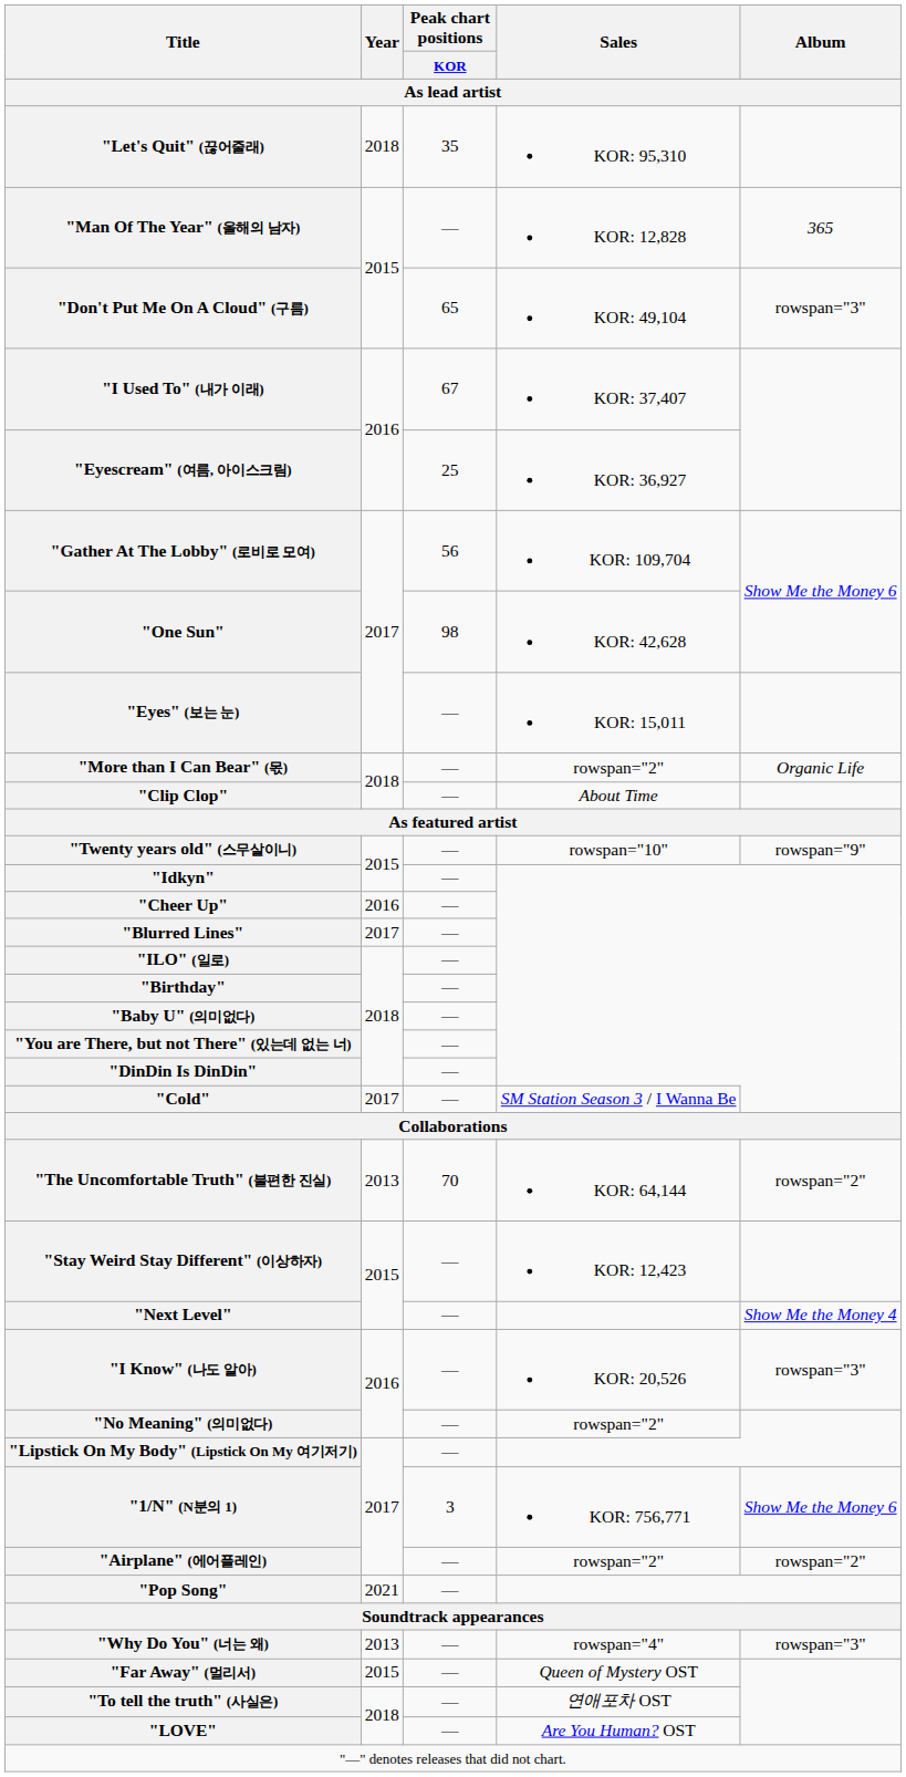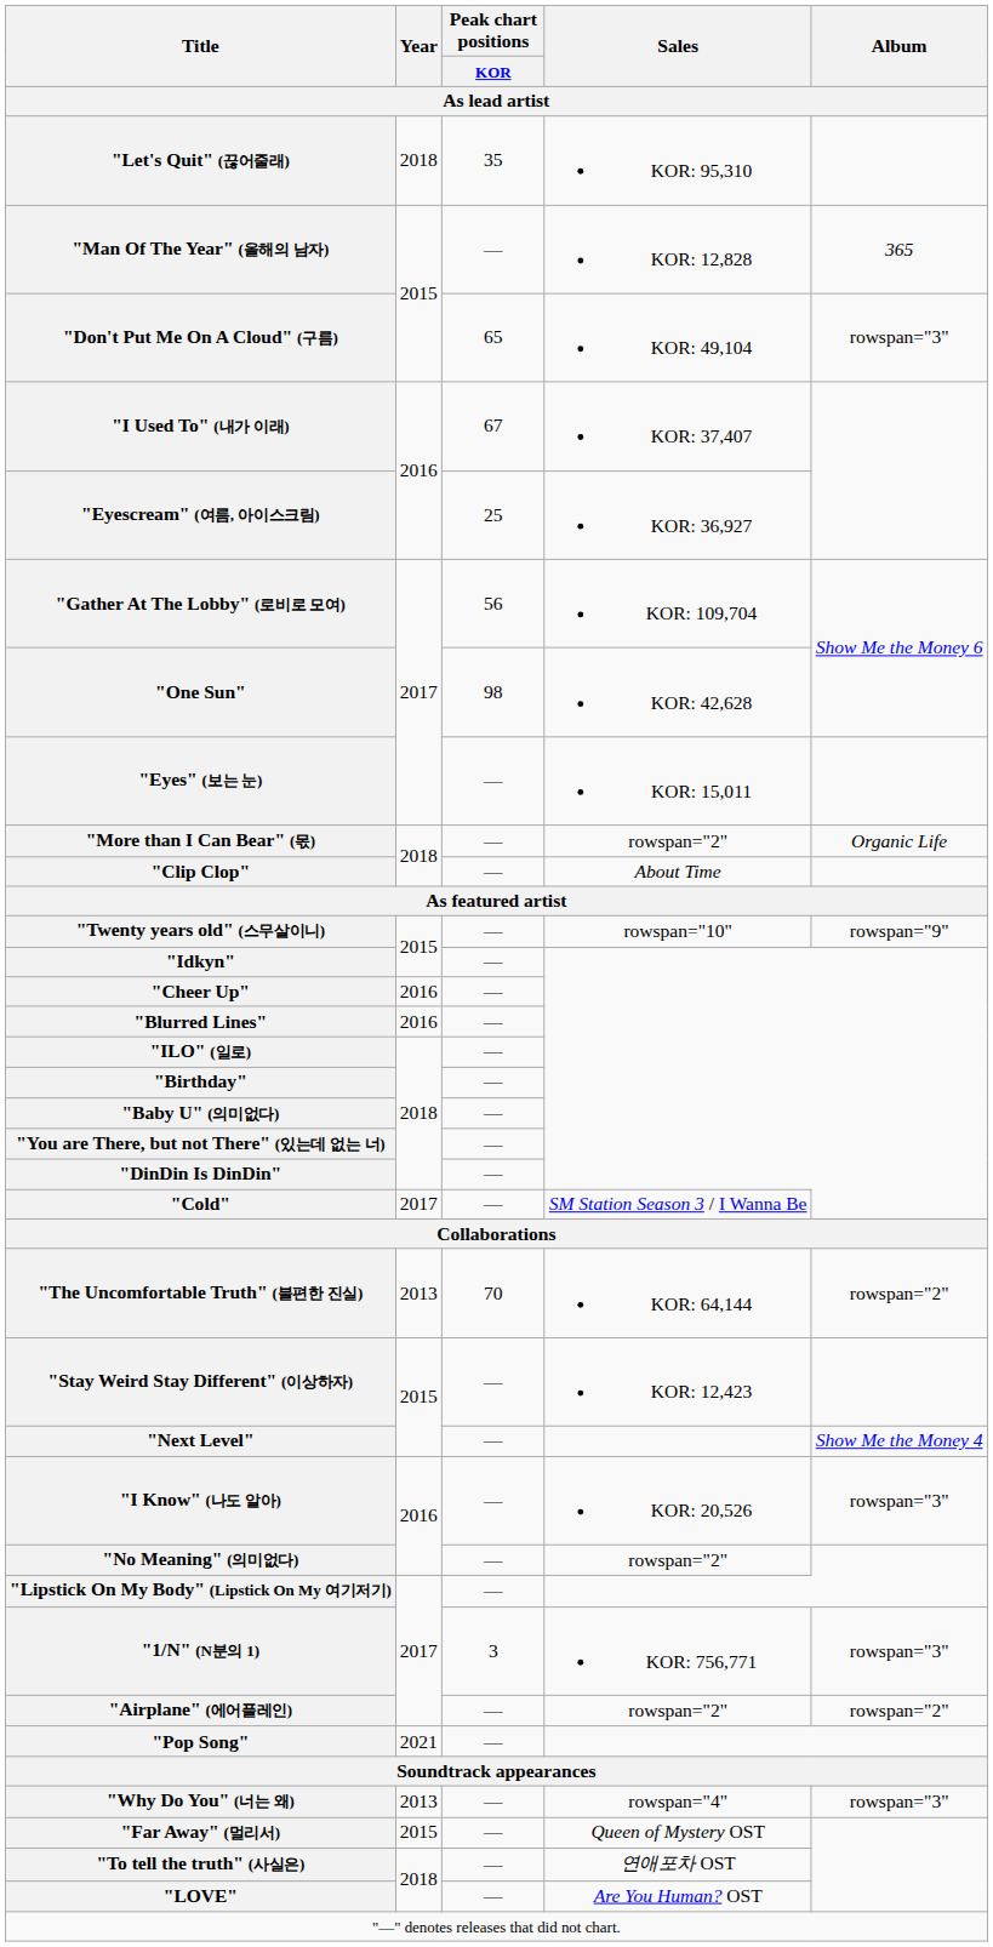 <table class="wikitable plainrowheaders" style="text-align:center;">
 <tr>
 <th scope="col" rowspan="2">Title</th>
 <th scope="col" rowspan="2">Year</th>
 <th scope="col" colspan="1" style="width:5em;">Peak chart positions</th>
 <th scope="col" rowspan="2">Sales</th>
 <th scope="col" rowspan="2">Album</th>
 </tr>
 <tr>
 <th><small><a href='#'>KOR</a></small><br></th>
 </tr>
 <tr>
 <th scope="col" colspan="5">As lead artist</th>
 </tr>
 <tr>
 <th scope="row">"Let's Quit" <small>(끊어줄래)</small><br></th>
 <td>2018</td>
 <td>35</td>
 <td><br><ul><li>KOR: 95,310</li></ul></td>
 <td></td>
 </tr>
 <tr>
 <th scope="row">"Man Of The Year" <small>(올해의 남자)</small><br></th>
 <td rowspan="2">2015</td>
 <td>—</td>
 <td><br><ul><li>KOR: 12,828</li></ul></td>
 <td><em>365</em></td>
 </tr>
 <tr>
 <th scope="row">"Don't Put Me On A Cloud" <small>(구름)</small><br></th>
 <td>65</td>
 <td><br><ul><li>KOR: 49,104</li></ul></td>
 <td>rowspan="3" </td>
 </tr>
 <tr>
 <th scope="row">"I Used To" <small>(내가 이래)</small></th>
 <td rowspan="2">2016</td>
 <td>67</td>
 <td><br><ul><li>KOR: 37,407</li></ul></td>
 </tr>
 <tr>
 <th scope="row">"Eyescream" <small>(여름, 아이스크림)</small><br></th>
 <td>25</td>
 <td><br><ul><li>KOR: 36,927</li></ul></td>
 </tr>
 <tr>
 <th scope="row">"Gather At The Lobby" <small>(로비로 모여)</small><br></th>
 <td rowspan="3">2017</td>
 <td>56</td>
 <td><br><ul><li>KOR: 109,704</li></ul></td>
 <td rowspan="2"><em><a href='#'>Show Me the Money 6</a></em></td>
 </tr>
 <tr>
 <th scope="row">"One Sun"<br></th>
 <td>98</td>
 <td><br><ul><li>KOR: 42,628</li></ul></td>
 </tr>
 <tr>
 <th scope="row">"Eyes" <small>(보는 눈)</small><br></th>
 <td>—</td>
 <td><br><ul><li>KOR: 15,011</li></ul></td>
 <td></td>
 </tr>
 <tr>
 <th scope="row">"More than I Can Bear" <small>(몫)</small></th>
 <td rowspan="2">2018</td>
 <td>—</td>
 <td>rowspan="2" </td>
 <td><em>Organic Life</em></td>
 </tr>
 <tr>
 <th scope="row">"Clip Clop" <br></th>
 <td>—</td>
 <td><em>About Time</em></td>
 </tr>
 <tr>
 <th scope="col" colspan="5">As featured artist</th>
 </tr>
 <tr>
 <th scope="row">"Twenty years old" <small>(스무살이니)</small><br></th>
 <td rowspan="2">2015</td>
 <td>—</td>
 <td>rowspan="10" </td>
 <td>rowspan="9" </td>
 </tr>
 <tr>
 <th scope="row">"Idkyn"<br></th>
 <td>—</td>
 </tr>
 <tr>
 <th scope="row">"Cheer Up"<br></th>
 <td>2016</td>
 <td>—</td>
 </tr>
 <tr>
 <th scope="row">"Blurred Lines"<br></th>
-<td>2017</td>
+<td>2016</td>
 <td>—</td>
 </tr>
 <tr>
 <th scope="row">"ILO" <small>(일로)</small><br></th>
 <td rowspan="5">2018</td>
 <td>—</td>
 </tr>
 <tr>
 <th scope="row">"Birthday"<br></th>
 <td>—</td>
 </tr>
 <tr>
 <th scope="row">"Baby U" <small>(의미없다)</small><br></th>
 <td>—</td>
 </tr>
 <tr>
 <th scope="row">"You are There, but not There" <small>(있는데 없는 너)</small><br></th>
 <td>—</td>
 </tr>
 <tr>
 <th scope="row">"DinDin Is DinDin"<br></th>
 <td>—</td>
 </tr>
 <tr>
 <th scope="row">"Cold" <br></th>
 <td rowspan="1">2017</td>
 <td>—</td>
 <td><em><a href='#'>SM Station Season 3</a></em> / <a href='#'>I Wanna Be</a></td>
 </tr>
 <tr>
 <th scope="col" colspan="5">Collaborations</th>
 </tr>
 <tr>
 <th scope="row">"The Uncomfortable Truth" <small>(불편한 진실)</small><br></th>
 <td>2013</td>
 <td>70</td>
 <td><br><ul><li>KOR: 64,144</li></ul></td>
 <td>rowspan="2" </td>
 </tr>
 <tr>
 <th scope="row">"Stay Weird Stay Different" <small>(이상하자)</small><br></th>
 <td rowspan="2">2015</td>
 <td>—</td>
 <td><br><ul><li>KOR: 12,423</li></ul></td>
 </tr>
 <tr>
 <th scope="row">"Next Level"<br></th>
 <td>—</td>
 <td></td>
 <td><em><a href='#'>Show Me the Money 4</a></em></td>
 </tr>
 <tr>
 <th scope="row">"I Know" <small>(나도 알아)</small><br></th>
 <td rowspan="2">2016</td>
 <td>—</td>
 <td><br><ul><li>KOR: 20,526</li></ul></td>
 <td>rowspan="3" </td>
 </tr>
 <tr>
 <th scope="row">"No Meaning" <small>(의미없다)</small><br></th>
 <td>—</td>
 <td>rowspan="2" </td>
 </tr>
 <tr>
 <th scope="row">"Lipstick On My Body" <small>(Lipstick On My 여기저기)</small><br></th>
 <td rowspan="3">2017</td>
 <td>—</td>
 </tr>
 <tr>
 <th scope="row">"1/N" <small>(N분의 1)</small><br></th>
 <td>3</td>
 <td><br><ul><li>KOR: 756,771</li></ul></td>
-<td><em><a href='#'>Show Me the Money 6</a></em></td>
+<td>rowspan="3" </td>
 </tr>
 <tr>
 <th scope="row">"Airplane" <small>(에어플레인)</small><br></th>
 <td>—</td>
 <td>rowspan="2" </td>
 <td>rowspan="2" </td>
 </tr>
 <tr>
 <th scope="row">"Pop Song"<br></th>
 <td>2021</td>
 <td>—</td>
 </tr>
 <tr>
 <th scope="col" colspan="5">Soundtrack appearances</th>
 </tr>
 <tr>
 <th scope="row">"Why Do You" <small>(너는 왜)</small><br></th>
 <td>2013</td>
 <td>—</td>
 <td>rowspan="4" </td>
 <td>rowspan="3" </td>
 </tr>
 <tr>
 <th scope="row">"Far Away" <small>(멀리서)</small><br></th>
 <td>2015</td>
 <td>—</td>
 <td><em>Queen of Mystery</em> OST</td>
 </tr>
 <tr>
 <th scope="row">"To tell the truth" <small>(사실은)</small><br></th>
 <td rowspan="2">2018</td>
 <td>—</td>
 <td><em>연애포차</em> OST</td>
 </tr>
 <tr>
 <th scope="row">"LOVE"<br></th>
 <td>—</td>
 <td><em><a href='#'>Are You Human?</a></em> OST</td>
 </tr>
 <tr>
 <td colspan="5" align="center"><small>"—" denotes releases that did not chart.</small></td>
 </tr>
 </table>
